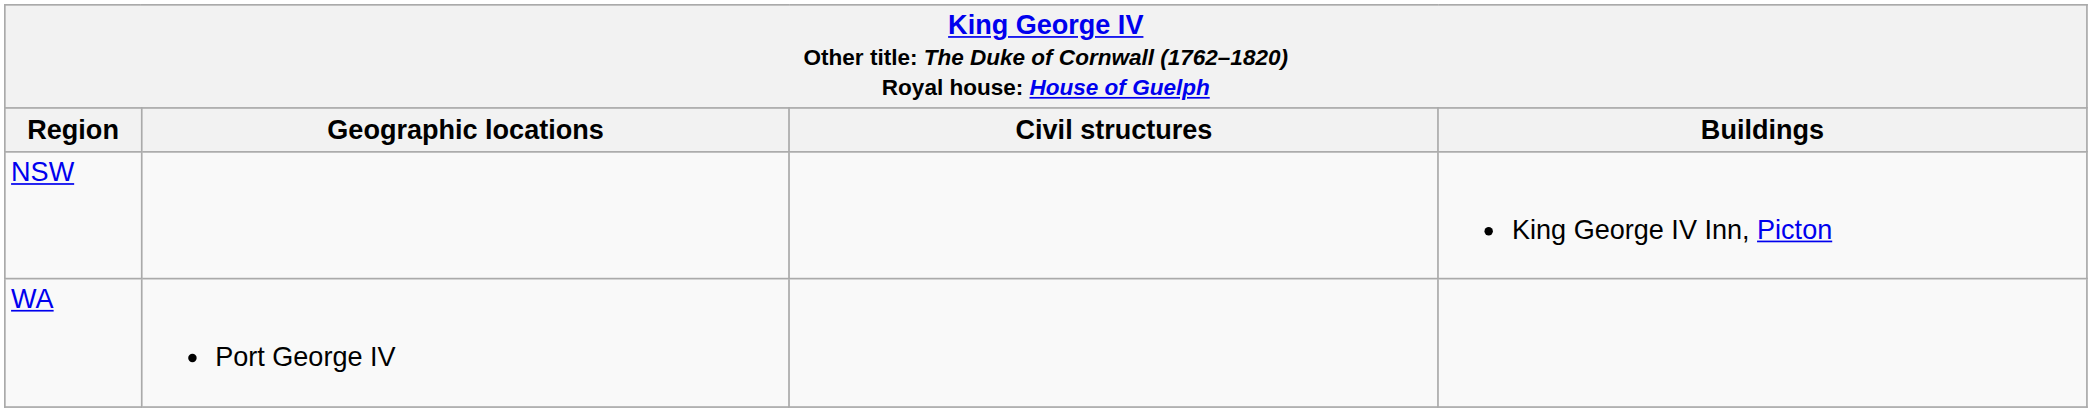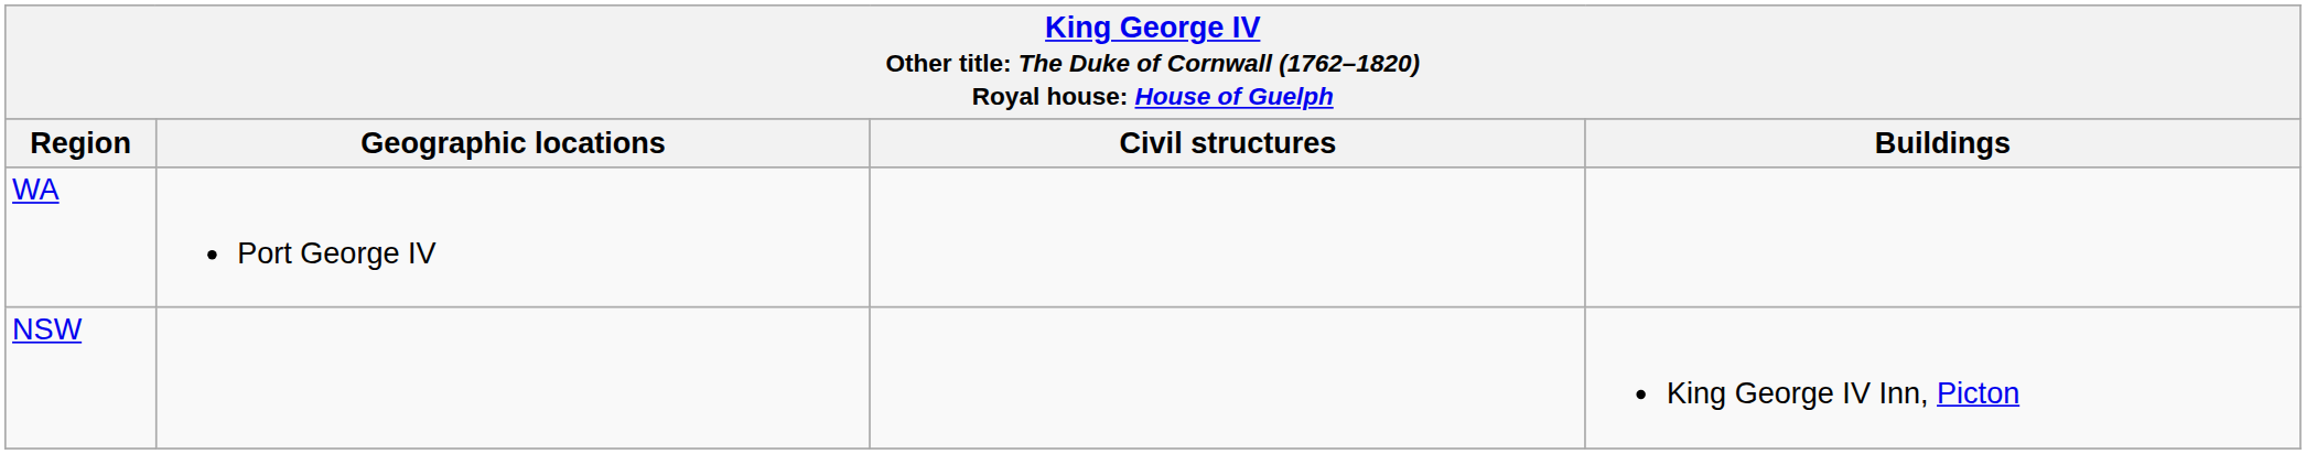 <table class="wikitable">
 <tr>
 <th colspan="4"> <a href='#'>King George IV</a><br><small>Other title: <em>The Duke of Cornwall (1762–1820)</em></small><br><small>Royal house: <em><a href='#'>House of Guelph</a></em></small></th>
 </tr>
 <tr>
 <th width="5%">Region</th>
 <th width="23.75%">Geographic locations</th>
 <th width="23.75%">Civil structures</th>
 <th width="23.75%">Buildings</th>
 </tr>
 <tr>
+<td align=left valign=top> <a href='#'>WA</a></td>
+<td><br><ul><li>Port George IV</li></ul></td>
+<td></td>
+<td></td>
+</tr>
+<tr>
 <td align=left valign=top> <a href='#'>NSW</a></td>
 <td></td>
 <td></td>
 <td><br><ul><li>King George IV Inn, <a href='#'>Picton</a></li></ul></td>
 </tr>
-<tr>
-<td align=left valign=top> <a href='#'>WA</a></td>
-<td><br><ul><li>Port George IV</li></ul></td>
-<td></td>
-<td></td>
-</tr>
 </table>
